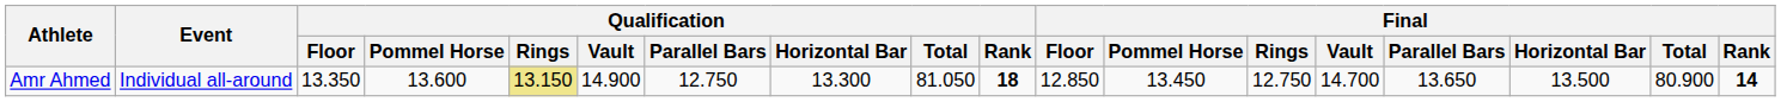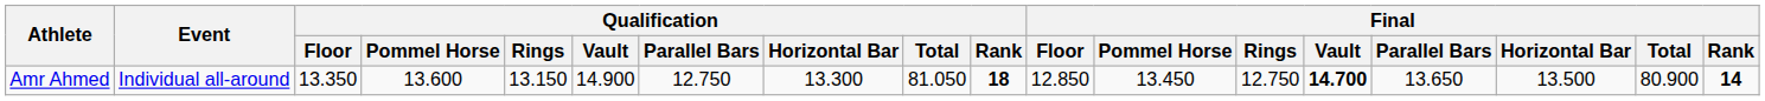 <table class="wikitable" border="1" style="font-size:90%">
 <tr>
 <th rowspan=2>Athlete</th>
 <th rowspan=2>Event</th>
 <th colspan=8>Qualification</th>
 <th colspan=8>Final</th>
 </tr>
 <tr>
 <th>Floor</th>
 <th>Pommel Horse</th>
 <th>Rings</th>
 <th>Vault</th>
 <th>Parallel Bars</th>
 <th>Horizontal Bar</th>
 <th>Total</th>
 <th>Rank</th>
 <th>Floor</th>
 <th>Pommel Horse</th>
 <th>Rings</th>
 <th>Vault</th>
 <th>Parallel Bars</th>
 <th>Horizontal Bar</th>
 <th>Total</th>
 <th>Rank</th>
 </tr>
 <tr>
 <td><a href='#'>Amr Ahmed</a></td>
 <td><a href='#'>Individual all-around</a></td>
 <td align=center>13.350</td>
 <td align=center>13.600</td>
-<td align=center style="background: khaki;">13.150</td>
+<td align=center>13.150</td>
 <td align=center>14.900</td>
 <td align=center>12.750</td>
 <td align=center>13.300</td>
 <td align=center>81.050</td>
 <td align=center><strong>18</strong></td>
 <td align=center>12.850</td>
 <td align=center>13.450</td>
 <td align=center>12.750</td>
-<td align=center>14.700</td>
+<td align=center><strong>14.700</strong></td>
 <td align=center>13.650</td>
 <td align=center>13.500</td>
 <td align=center>80.900</td>
 <td align=center><strong>14</strong></td>
 </tr>
 </table>
